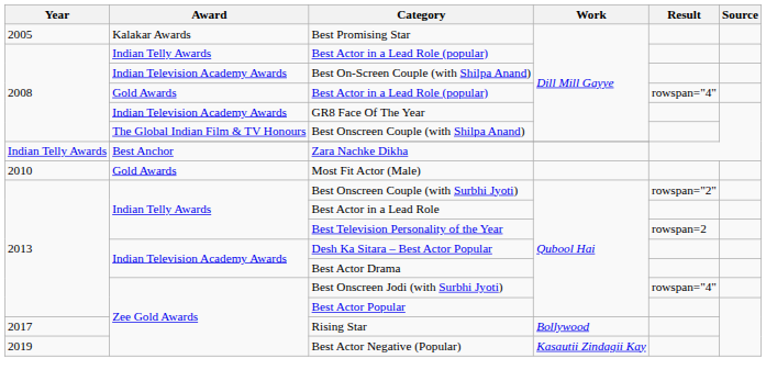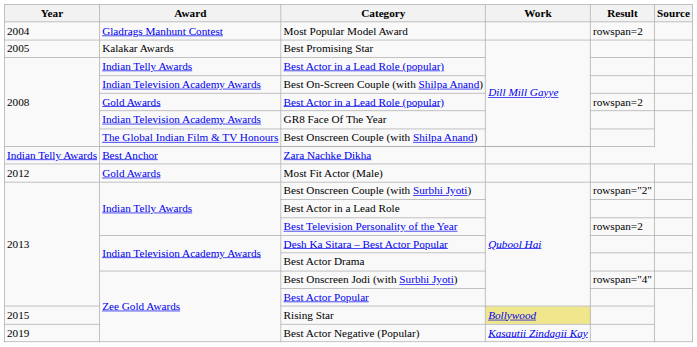 <table class="wikitable sortable">
 <tr>
 <th>Year</th>
 <th>Award</th>
 <th>Category</th>
 <th>Work</th>
 <th>Result</th>
 <th>Source</th>
+</tr>
+<tr>
+<td>2004</td>
+<td><a href='#'>Gladrags Manhunt Contest</a></td>
+<td>Most Popular Model Award</td>
+<td></td>
+<td>rowspan=2 </td>
+<td></td>
 </tr>
 <tr>
 <td>2005</td>
 <td>Kalakar Awards</td>
 <td>Best Promising Star</td>
 <td rowspan="6"><em><a href='#'>Dill Mill Gayye</a></em></td>
 <td></td>
 </tr>
 <tr>
 <td rowspan=6>2008</td>
 <td><a href='#'>Indian Telly Awards</a></td>
 <td><a href='#'>Best Actor in a Lead Role (popular)</a></td>
 <td></td>
 <td></td>
 </tr>
 <tr>
 <td><a href='#'>Indian Television Academy Awards</a></td>
 <td>Best On-Screen Couple (with <a href='#'>Shilpa Anand</a>)</td>
 <td></td>
 <td></td>
 </tr>
 <tr>
 <td><a href='#'>Gold Awards</a></td>
 <td><a href='#'>Best Actor in a Lead Role (popular)</a></td>
-<td>rowspan="4" </td>
+<td>rowspan=2 </td>
 <td></td>
 </tr>
 <tr>
 <td><a href='#'>Indian Television Academy Awards</a></td>
 <td>GR8 Face Of The Year</td>
 <td></td>
 </tr>
 <tr>
 <td><a href='#'>The Global Indian Film & TV Honours</a></td>
 <td>Best Onscreen Couple (with <a href='#'>Shilpa Anand</a>)</td>
 <td></td>
 </tr>
 <tr>
 </tr>
 <tr>
 <td><a href='#'>Indian Telly Awards</a></td>
 <td><a href='#'>Best Anchor</a></td>
 <td><a href='#'>Zara Nachke Dikha</a></td>
 <td></td>
 </tr>
 <tr>
-<td>2010</td>
+<td>2012</td>
 <td><a href='#'>Gold Awards</a></td>
 <td>Most Fit Actor (Male)</td>
 <td></td>
 <td></td>
 <td></td>
 </tr>
 <tr>
 <td rowspan="7">2013</td>
 <td rowspan="3"><a href='#'>Indian Telly Awards</a></td>
 <td>Best Onscreen Couple (with <a href='#'>Surbhi Jyoti</a>)</td>
 <td rowspan="7"><em><a href='#'>Qubool Hai</a></em></td>
 <td>rowspan="2" </td>
 <td></td>
 </tr>
 <tr>
 <td>Best Actor in a Lead Role</td>
 <td></td>
 </tr>
 <tr>
 <td><a href='#'>Best Television Personality of the Year</a></td>
 <td>rowspan=2 </td>
 <td></td>
 </tr>
 <tr>
 <td rowspan="2"><a href='#'>Indian Television Academy Awards</a></td>
 <td><a href='#'>Desh Ka Sitara – Best Actor Popular</a></td>
 <td></td>
 </tr>
 <tr>
 <td>Best Actor Drama</td>
 <td></td>
 <td></td>
 </tr>
 <tr>
 <td rowspan="4"><a href='#'>Zee Gold Awards</a></td>
 <td>Best Onscreen Jodi (with <a href='#'>Surbhi Jyoti</a>)</td>
 <td>rowspan="4" </td>
 <td></td>
 </tr>
 <tr>
 <td><a href='#'>Best Actor Popular</a></td>
 <td></td>
 </tr>
 <tr>
-<td>2017</td>
+<td>2015</td>
 <td>Rising Star</td>
-<td><em><a href='#'>Bollywood</a></em></td>
+<td style="background: khaki;"><em><a href='#'>Bollywood</a></em></td>
 <td></td>
 </tr>
 <tr>
 <td>2019</td>
 <td>Best Actor Negative (Popular)</td>
 <td><em><a href='#'>Kasautii Zindagii Kay</a></em></td>
 <td></td>
 </tr>
 </table>
